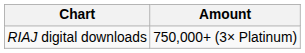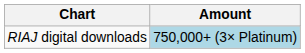 <table class="wikitable">
 <tr>
 <th>Chart</th>
 <th>Amount</th>
 </tr>
 <tr>
 <td><em>RIAJ</em> digital downloads</td>
-<td align="center">750,000+ (3× Platinum)</td>
+<td align="center" style="background: lightblue;">750,000+ (3× Platinum)</td>
 </tr>
 </table>
